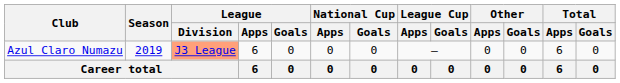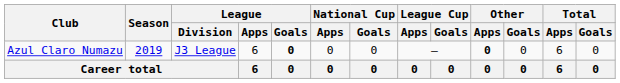 <table class="wikitable" style="text-align: center">
 <tr>
 <th rowspan="2">Club</th>
 <th rowspan="2">Season</th>
 <th colspan="3">League</th>
 <th colspan="2">National Cup</th>
 <th colspan="2">League Cup</th>
 <th colspan="2">Other</th>
 <th colspan="2">Total</th>
 </tr>
 <tr>
 <th>Division</th>
 <th>Apps</th>
 <th>Goals</th>
 <th>Apps</th>
 <th>Goals</th>
 <th>Apps</th>
 <th>Goals</th>
 <th>Apps</th>
 <th>Goals</th>
 <th>Apps</th>
 <th>Goals</th>
 </tr>
 <tr>
 <td><a href='#'>Azul Claro Numazu</a></td>
 <td><a href='#'>2019</a></td>
-<td style="background: lightsalmon;"><a href='#'>J3 League</a></td>
+<td><a href='#'>J3 League</a></td>
 <td>6</td>
-<td>0</td>
+<td><strong>0</strong></td>
 <td>0</td>
 <td>0</td>
 <td colspan="2">–</td>
-<td>0</td>
+<td><strong>0</strong></td>
 <td>0</td>
 <td>6</td>
 <td>0</td>
 </tr>
 <tr>
 <th colspan=3>Career total</th>
 <th>6</th>
 <th>0</th>
 <th>0</th>
 <th>0</th>
 <th>0</th>
 <th>0</th>
 <th>0</th>
 <th>0</th>
 <th>6</th>
 <th>0</th>
 </tr>
 </table>
